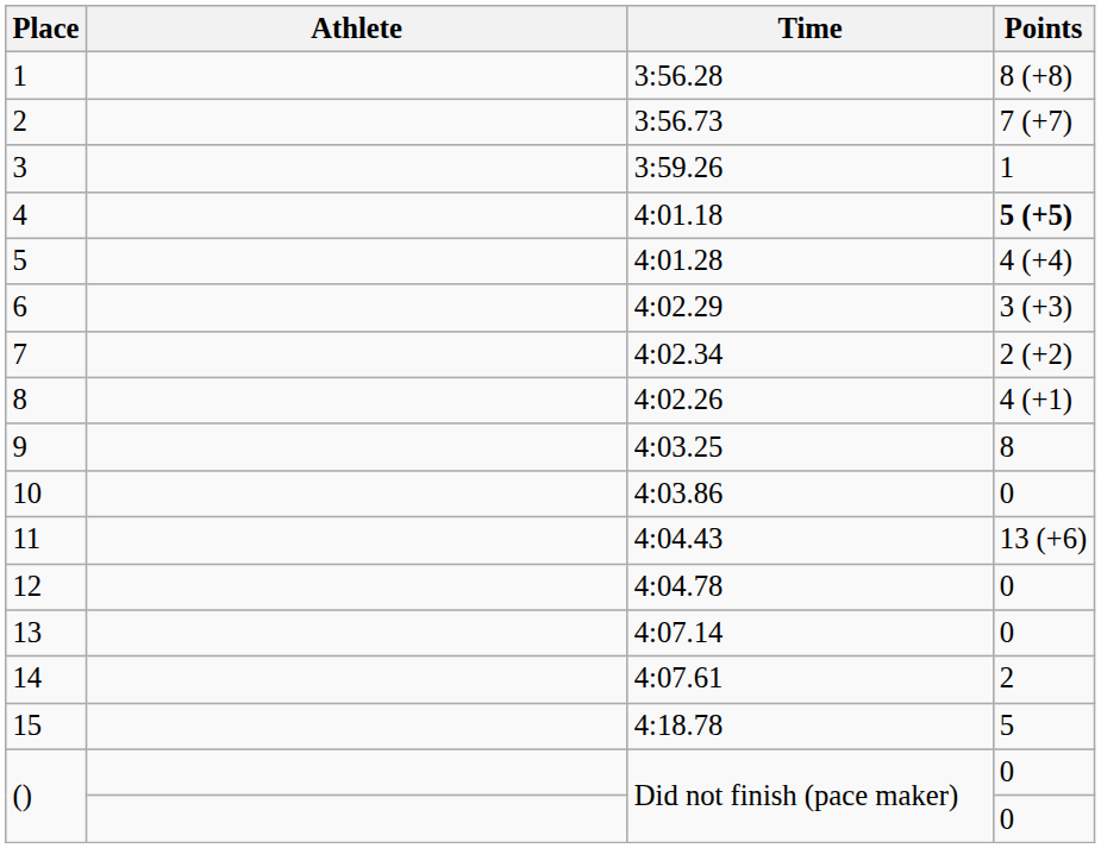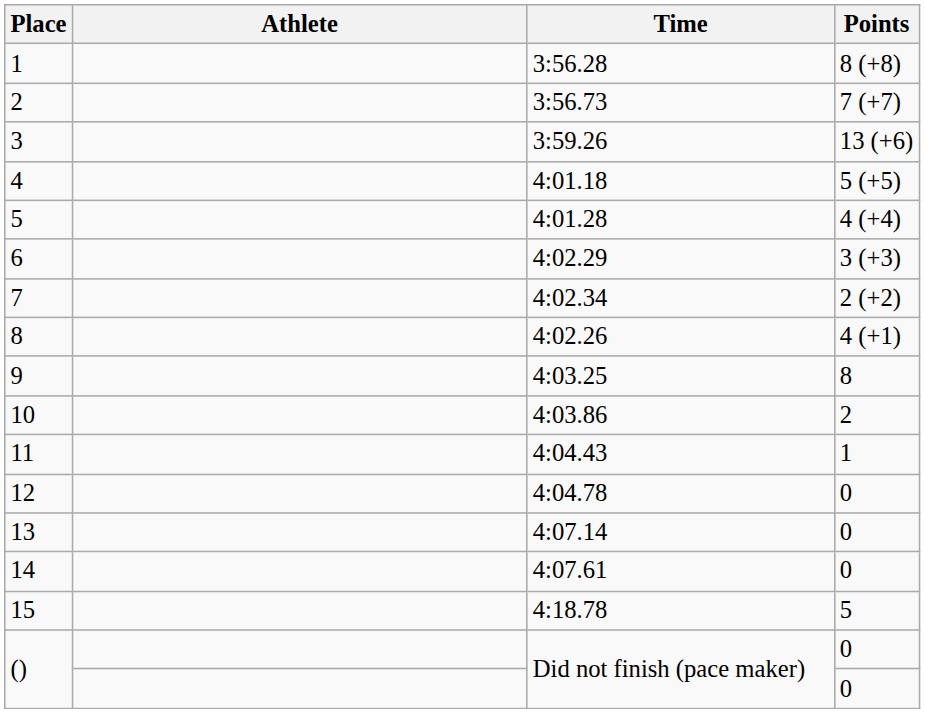 <table class="wikitable sortable">
 <tr>
 <th>Place</th>
 <th style="width:18em">Athlete</th>
 <th style="width:12em">Time</th>
 <th>Points</th>
 </tr>
 <tr>
 <td>1</td>
 <td></td>
 <td>3:56.28 </td>
 <td>8 (+8)</td>
 </tr>
 <tr>
 <td>2</td>
 <td></td>
 <td>3:56.73</td>
 <td>7 (+7)</td>
 </tr>
 <tr>
 <td>3</td>
 <td></td>
 <td>3:59.26</td>
-<td>1</td>
+<td>13 (+6)</td>
 </tr>
 <tr>
 <td>4</td>
 <td></td>
 <td>4:01.18</td>
-<td><strong>5 (+5)</strong></td>
+<td>5 (+5)</td>
 </tr>
 <tr>
 <td>5</td>
 <td></td>
 <td>4:01.28 </td>
 <td>4 (+4)</td>
 </tr>
 <tr>
 <td>6</td>
 <td></td>
 <td>4:02.29</td>
 <td>3 (+3)</td>
 </tr>
 <tr>
 <td>7</td>
 <td></td>
 <td>4:02.34 </td>
 <td>2 (+2)</td>
 </tr>
 <tr>
 <td>8</td>
 <td></td>
 <td>4:02.26</td>
 <td>4 (+1)</td>
 </tr>
 <tr>
 <td>9</td>
 <td></td>
 <td>4:03.25</td>
 <td>8</td>
 </tr>
 <tr>
 <td>10</td>
 <td></td>
 <td>4:03.86</td>
-<td>0</td>
+<td>2</td>
 </tr>
 <tr>
 <td>11</td>
 <td></td>
 <td>4:04.43</td>
-<td>13 (+6)</td>
+<td>1</td>
 </tr>
 <tr>
 <td>12</td>
 <td></td>
 <td>4:04.78 </td>
 <td>0</td>
 </tr>
 <tr>
 <td>13</td>
 <td></td>
 <td>4:07.14</td>
 <td>0</td>
 </tr>
 <tr>
 <td>14</td>
 <td></td>
 <td>4:07.61</td>
-<td>2</td>
+<td>0</td>
 </tr>
 <tr>
 <td>15</td>
 <td></td>
 <td>4:18.78</td>
 <td>5</td>
 </tr>
 <tr>
 <td rowspan=2 data-sort-value=16> ()</td>
 <td></td>
 <td rowspan=2>Did not finish (pace maker)</td>
 <td>0</td>
 </tr>
 <tr>
 <td></td>
 <td>0</td>
 </tr>
 </table>
